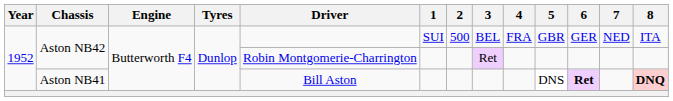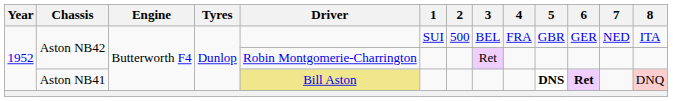 <table class="wikitable" style="text-align:center; font-size:95%">
 <tr>
 <th>Year</th>
 <th>Chassis</th>
 <th>Engine</th>
 <th>Tyres</th>
 <th>Driver</th>
 <th>1</th>
 <th>2</th>
 <th>3</th>
 <th>4</th>
 <th>5</th>
 <th>6</th>
 <th>7</th>
 <th>8</th>
 </tr>
 <tr>
 <td rowspan="3"><a href='#'>1952</a></td>
 <td rowspan="2">Aston NB42</td>
 <td rowspan="3">Butterworth <a href='#'>F4</a></td>
 <td rowspan="3"><a href='#'>Dunlop</a></td>
 <td></td>
 <td><a href='#'>SUI</a></td>
 <td><a href='#'>500</a></td>
 <td><a href='#'>BEL</a></td>
 <td><a href='#'>FRA</a></td>
 <td><a href='#'>GBR</a></td>
 <td><a href='#'>GER</a></td>
 <td><a href='#'>NED</a></td>
 <td><a href='#'>ITA</a></td>
 </tr>
 <tr>
 <td> <a href='#'>Robin Montgomerie-Charrington</a></td>
 <td></td>
 <td></td>
 <td style="background:#EFCFFF;">Ret</td>
 <td></td>
 <td></td>
 <td></td>
 <td></td>
 <td></td>
 </tr>
 <tr>
 <td>Aston NB41</td>
-<td> <a href='#'>Bill Aston</a></td>
+<td style="background: khaki;"> <a href='#'>Bill Aston</a></td>
 <td></td>
 <td></td>
 <td></td>
 <td></td>
-<td style="background:#FFFFFF;">DNS</td>
+<td style="background:#FFFFFF;"><strong>DNS</strong></td>
 <td style="background:#EFCFFF;"><strong>Ret</strong></td>
 <td></td>
-<td style="background:#FFCFCF;"><strong>DNQ</strong></td>
+<td style="background:#FFCFCF;">DNQ</td>
 </tr>
 <tr>
 <th colspan="13"></th>
 </tr>
 </table>
